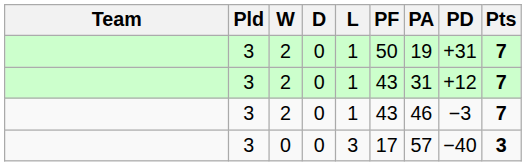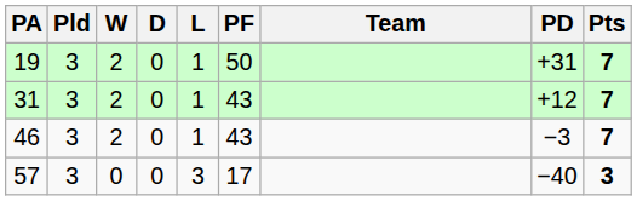 <table class="wikitable" style="text-align:center;">
 <tr>
-<th width=175>Team</th>
+<th width=20 abbr="Points against">PA</th>
 <th width=20 abbr="Played">Pld</th>
 <th width=20 abbr="Won">W</th>
 <th width=20 abbr="Drawn">D</th>
 <th width=20 abbr="Lost">L</th>
 <th width=20 abbr="Points for">PF</th>
-<th width=20 abbr="Points against">PA</th>
+<th width=175>Team</th>
 <th width=25 abbr="Points difference">PD</th>
 <th width=20 abbr="Points">Pts</th>
 </tr>
 <tr bgcolor=ccffcc>
-<td align=left></td>
+<td>19</td>
 <td>3</td>
 <td>2</td>
 <td>0</td>
 <td>1</td>
 <td>50</td>
-<td>19</td>
+<td align=left></td>
 <td>+31</td>
 <td><strong>7</strong></td>
 </tr>
 <tr bgcolor=ccffcc>
-<td align=left></td>
+<td>31</td>
 <td>3</td>
 <td>2</td>
 <td>0</td>
 <td>1</td>
 <td>43</td>
-<td>31</td>
+<td align=left></td>
 <td>+12</td>
 <td><strong>7</strong></td>
 </tr>
 <tr>
-<td align=left></td>
+<td>46</td>
 <td>3</td>
 <td>2</td>
 <td>0</td>
 <td>1</td>
 <td>43</td>
-<td>46</td>
+<td align=left></td>
 <td>−3</td>
 <td><strong>7</strong></td>
 </tr>
 <tr>
-<td align=left></td>
+<td>57</td>
 <td>3</td>
 <td>0</td>
 <td>0</td>
 <td>3</td>
 <td>17</td>
-<td>57</td>
+<td align=left></td>
 <td>−40</td>
 <td><strong>3</strong></td>
 </tr>
 </table>
